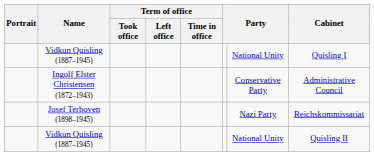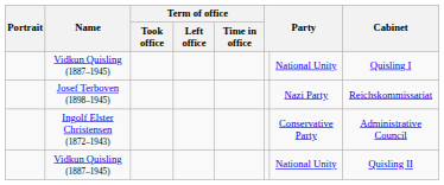 <table class="wikitable" style="text-align:center; font-size:90%;">
 <tr>
 <th rowspan=2>Portrait</th>
 <th rowspan=2>Name<br></th>
 <th colspan=3>Term of office</th>
 <th colspan=2 rowspan=2>Party</th>
 <th rowspan=2>Cabinet<br></th>
 </tr>
 <tr>
 <th>Took office</th>
 <th>Left office</th>
 <th>Time in office</th>
 </tr>
 <tr>
 <td></td>
 <td><a href='#'>Vidkun Quisling</a><br><small>(1887–1945)</small></td>
 <td><br></td>
 <td></td>
 <td></td>
 <td style="background:"></td>
 <td><a href='#'>National Unity</a></td>
 <td><a href='#'>Quisling I</a><br></td>
 </tr>
 <tr>
 <td></td>
+<td><a href='#'>Josef Terboven</a><br><small>(1898–1945)</small><br></td>
+<td></td>
+<td></td>
+<td></td>
+<td style="background:"></td>
+<td><a href='#'>Nazi Party</a></td>
+<td><a href='#'>Reichskommissariat</a><br></td>
+</tr>
+<tr>
+<td></td>
 <td><a href='#'>Ingolf Elster Christensen</a><br><small>(1872–1943)</small><br></td>
 <td></td>
 <td></td>
 <td></td>
 <td style="background:"></td>
 <td><a href='#'>Conservative Party</a></td>
 <td><a href='#'>Administrative Council</a></td>
-</tr>
-<tr>
-<td></td>
-<td><a href='#'>Josef Terboven</a><br><small>(1898–1945)</small><br></td>
-<td></td>
-<td></td>
-<td></td>
-<td style="background:"></td>
-<td><a href='#'>Nazi Party</a></td>
-<td><a href='#'>Reichskommissariat</a><br></td>
 </tr>
 <tr>
 <td></td>
 <td><a href='#'>Vidkun Quisling</a><br><small>(1887–1945)</small><br></td>
 <td></td>
 <td></td>
 <td></td>
 <td style="background:"></td>
 <td><a href='#'>National Unity</a></td>
 <td><a href='#'>Quisling II</a><br></td>
 </tr>
 </table>
